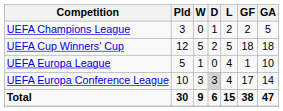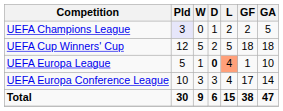 <table class="wikitable">
 <tr>
 <th>Competition</th>
 <th>Pld</th>
 <th>W</th>
 <th>D</th>
 <th>L</th>
 <th>GF</th>
 <th>GA</th>
 </tr>
 <tr>
 <td><a href='#'>UEFA Champions League</a></td>
-<td style="text-align:center;">3</td>
+<td style="background: lavender; text-align:center;">3</td>
 <td style="text-align:center;">0</td>
 <td style="text-align:center;">1</td>
 <td style="text-align:center;">2</td>
 <td style="text-align:center;">2</td>
 <td style="text-align:center;">5</td>
 </tr>
 <tr>
 <td><a href='#'>UEFA Cup Winners' Cup</a></td>
 <td style="text-align:center;">12</td>
 <td style="text-align:center;">5</td>
 <td style="text-align:center;">2</td>
 <td style="text-align:center;">5</td>
 <td style="text-align:center;">18</td>
 <td style="text-align:center;">18</td>
 </tr>
 <tr>
 <td><a href='#'>UEFA Europa League</a></td>
 <td style="text-align:center;">5</td>
 <td style="text-align:center;">1</td>
-<td style="text-align:center;">0</td>
-<td style="text-align:center;">4</td>
+<td style="text-align:center;"><strong>0</strong></td>
+<td style="background: lightsalmon; text-align:center;">4</td>
 <td style="text-align:center;">1</td>
 <td style="text-align:center;">10</td>
 </tr>
 <tr>
 <td><a href='#'>UEFA Europa Conference League</a></td>
 <td style="text-align:center;">10</td>
 <td style="text-align:center;">3</td>
-<td style="background: lightgrey; text-align:center;">3</td>
+<td style="text-align:center;">3</td>
 <td style="text-align:center;">4</td>
 <td style="text-align:center;">17</td>
 <td style="text-align:center;">14</td>
 </tr>
 <tr>
 <td><strong>Total</strong></td>
 <td style="text-align:center;"><strong>30</strong></td>
 <td style="text-align:center;"><strong>9</strong></td>
 <td style="text-align:center;"><strong>6</strong></td>
 <td style="text-align:center;"><strong>15</strong></td>
 <td style="text-align:center;"><strong>38</strong></td>
 <td style="text-align:center;"><strong>47</strong></td>
 </tr>
 <tr>
 </tr>
 </table>
